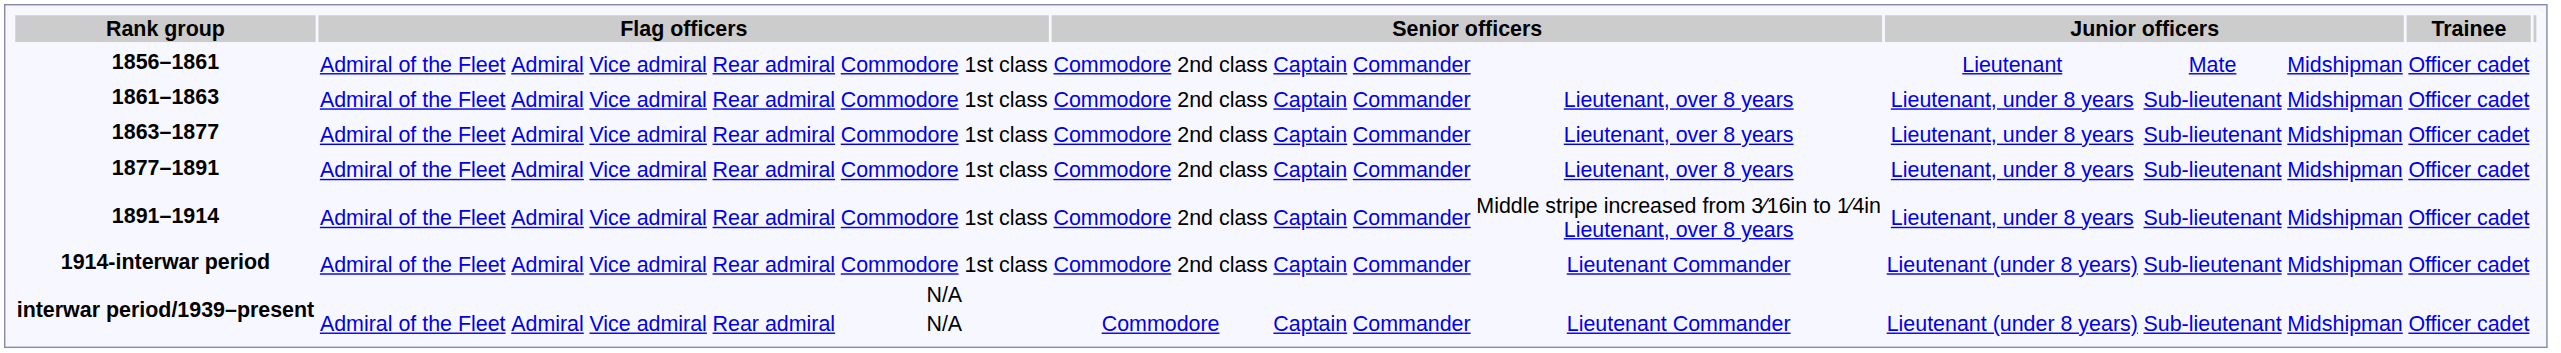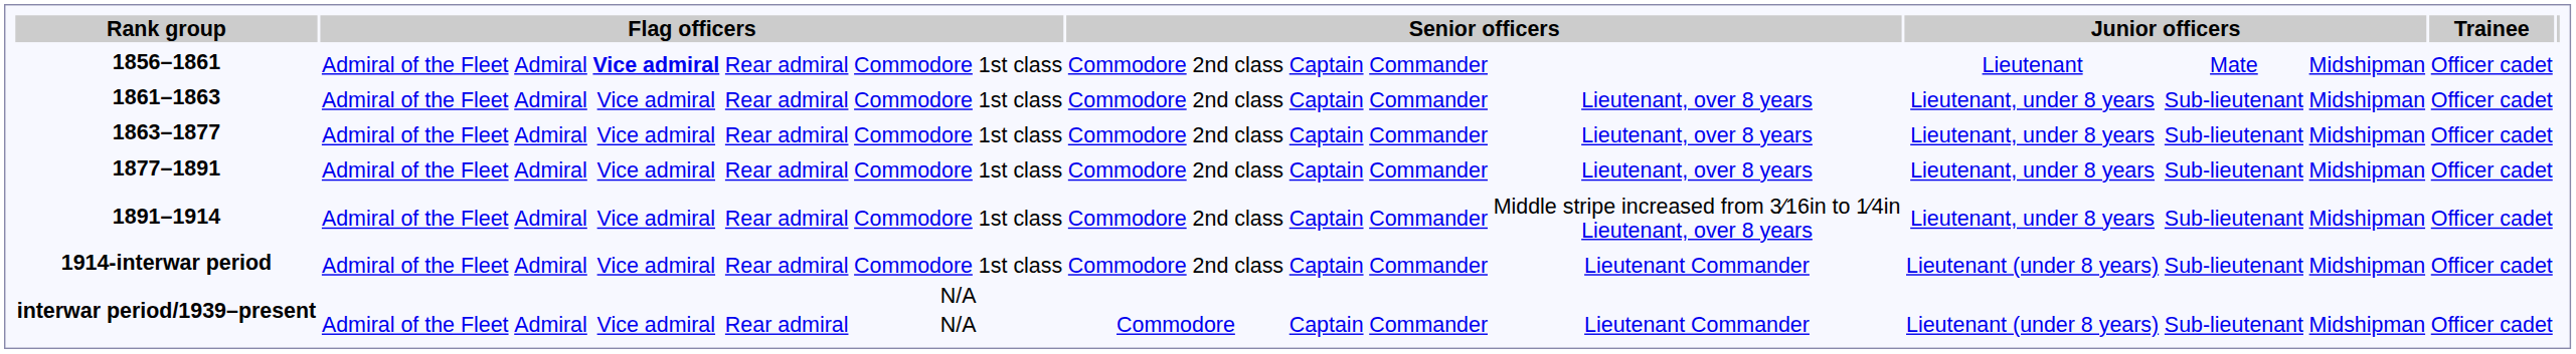 <table style="border:1px solid #8888aa; background-color:#f7f8ff; padding:5px; font-size:95%; margin: 0px 12px 12px 0px; text-align:center;">
 <tr style="background-color:#CCCCCC;">
 <th>Rank group</th>
 <th colspan=5>Flag officers</th>
 <th colspan=4>Senior officers</th>
 <th colspan=3>Junior officers</th>
 <th colspan=1>Trainee</th>
 <th></th>
 </tr>
 <tr>
 <td rowspan=2><strong>1856–1861</strong></td>
 <td></td>
 <td></td>
 <td></td>
 <td></td>
 <td></td>
 <td></td>
 <td></td>
 <td></td>
 <td></td>
 <td></td>
 <td></td>
 <td></td>
 <td></td>
 <td></td>
 </tr>
 <tr>
 <td><a href='#'>Admiral of the Fleet</a></td>
 <td><a href='#'>Admiral</a></td>
-<td><a href='#'>Vice admiral</a></td>
+<td><strong><a href='#'>Vice admiral</a></strong></td>
 <td><a href='#'>Rear admiral</a></td>
 <td><a href='#'>Commodore</a> 1st class</td>
 <td><a href='#'>Commodore</a> 2nd class</td>
 <td><a href='#'>Captain</a></td>
 <td><a href='#'>Commander</a></td>
 <td></td>
 <td><a href='#'>Lieutenant</a></td>
 <td><a href='#'>Mate</a></td>
 <td><a href='#'>Midshipman</a></td>
 <td><a href='#'>Officer cadet</a></td>
 </tr>
 <tr>
 <td rowspan=2><strong>1861–1863</strong></td>
 <td></td>
 <td></td>
 <td></td>
 <td></td>
 <td></td>
 <td></td>
 <td></td>
 <td></td>
 <td></td>
 <td></td>
 <td></td>
 <td></td>
 <td></td>
 </tr>
 <tr>
 <td><a href='#'>Admiral of the Fleet</a></td>
 <td><a href='#'>Admiral</a></td>
 <td><a href='#'>Vice admiral</a></td>
 <td><a href='#'>Rear admiral</a></td>
 <td><a href='#'>Commodore</a> 1st class</td>
 <td><a href='#'>Commodore</a> 2nd class</td>
 <td><a href='#'>Captain</a></td>
 <td><a href='#'>Commander</a></td>
 <td><a href='#'>Lieutenant, over 8 years</a></td>
 <td><a href='#'>Lieutenant, under 8 years</a></td>
 <td><a href='#'>Sub-lieutenant</a></td>
 <td><a href='#'>Midshipman</a></td>
 <td><a href='#'>Officer cadet</a></td>
 </tr>
 <tr>
 <td rowspan=2><strong>1863–1877</strong></td>
 <td></td>
 <td></td>
 <td></td>
 <td></td>
 <td></td>
 <td></td>
 <td></td>
 <td></td>
 <td></td>
 <td></td>
 <td></td>
 <td></td>
 <td></td>
 <td></td>
 </tr>
 <tr>
 <td><a href='#'>Admiral of the Fleet</a></td>
 <td><a href='#'>Admiral</a></td>
 <td><a href='#'>Vice admiral</a></td>
 <td><a href='#'>Rear admiral</a></td>
 <td><a href='#'>Commodore</a> 1st class</td>
 <td><a href='#'>Commodore</a> 2nd class</td>
 <td><a href='#'>Captain</a></td>
 <td><a href='#'>Commander</a></td>
 <td><a href='#'>Lieutenant, over 8 years</a></td>
 <td><a href='#'>Lieutenant, under 8 years</a></td>
 <td><a href='#'>Sub-lieutenant</a></td>
 <td><a href='#'>Midshipman</a></td>
 <td><a href='#'>Officer cadet</a></td>
 </tr>
 <tr>
 <td rowspan=2><strong>1877–1891</strong></td>
 <td></td>
 <td></td>
 <td></td>
 <td></td>
 <td></td>
 <td></td>
 <td></td>
 <td></td>
 <td></td>
 <td></td>
 <td></td>
 <td></td>
 <td></td>
 <td></td>
 </tr>
 <tr>
 <td><a href='#'>Admiral of the Fleet</a></td>
 <td><a href='#'>Admiral</a></td>
 <td><a href='#'>Vice admiral</a></td>
 <td><a href='#'>Rear admiral</a></td>
 <td><a href='#'>Commodore</a> 1st class</td>
 <td><a href='#'>Commodore</a> 2nd class</td>
 <td><a href='#'>Captain</a></td>
 <td><a href='#'>Commander</a></td>
 <td><a href='#'>Lieutenant, over 8 years</a></td>
 <td><a href='#'>Lieutenant, under 8 years</a></td>
 <td><a href='#'>Sub-lieutenant</a></td>
 <td><a href='#'>Midshipman</a></td>
 <td><a href='#'>Officer cadet</a></td>
 </tr>
 <tr>
 <td rowspan=2><strong>1891–1914</strong></td>
 <td></td>
 <td></td>
 <td></td>
 <td></td>
 <td></td>
 <td></td>
 <td></td>
 <td></td>
 <td></td>
 <td></td>
 <td></td>
 <td></td>
 <td></td>
 </tr>
 <tr>
 <td><a href='#'>Admiral of the Fleet</a></td>
 <td><a href='#'>Admiral</a></td>
 <td><a href='#'>Vice admiral</a></td>
 <td><a href='#'>Rear admiral</a></td>
 <td><a href='#'>Commodore</a> 1st class</td>
 <td><a href='#'>Commodore</a> 2nd class</td>
 <td><a href='#'>Captain</a></td>
 <td><a href='#'>Commander</a></td>
 <td>Middle stripe increased from 3⁄16in to 1⁄4in<br><a href='#'>Lieutenant, over 8 years</a></td>
 <td><a href='#'>Lieutenant, under 8 years</a></td>
 <td><a href='#'>Sub-lieutenant</a></td>
 <td><a href='#'>Midshipman</a></td>
 <td><a href='#'>Officer cadet</a></td>
 <td></td>
 </tr>
 <tr>
 <td rowspan=2><strong>1914-interwar period</strong></td>
 <td></td>
 <td></td>
 <td></td>
 <td></td>
 <td></td>
 <td></td>
 <td></td>
 <td></td>
 <td></td>
 <td></td>
 <td></td>
 <td></td>
 <td></td>
 <td></td>
 </tr>
 <tr>
 <td><a href='#'>Admiral of the Fleet</a></td>
 <td><a href='#'>Admiral</a></td>
 <td><a href='#'>Vice admiral</a></td>
 <td><a href='#'>Rear admiral</a></td>
 <td><a href='#'>Commodore</a> 1st class</td>
 <td><a href='#'>Commodore</a> 2nd class</td>
 <td><a href='#'>Captain</a></td>
 <td><a href='#'>Commander</a></td>
 <td><a href='#'>Lieutenant Commander</a></td>
 <td><a href='#'>Lieutenant (under 8 years)</a></td>
 <td><a href='#'>Sub-lieutenant</a></td>
 <td><a href='#'>Midshipman</a></td>
 <td><a href='#'>Officer cadet</a></td>
 </tr>
 <tr>
 <td rowspan=2><strong>interwar period/1939–present</strong></td>
 <td></td>
 <td></td>
 <td></td>
 <td></td>
 <td>N/A</td>
 <td></td>
 <td></td>
 <td></td>
 <td></td>
 <td></td>
 <td></td>
 <td></td>
 <td></td>
 <td></td>
 </tr>
 <tr>
 <td><a href='#'>Admiral of the Fleet</a></td>
 <td><a href='#'>Admiral</a></td>
 <td><a href='#'>Vice admiral</a></td>
 <td><a href='#'>Rear admiral</a></td>
 <td>N/A</td>
 <td><a href='#'>Commodore</a></td>
 <td><a href='#'>Captain</a></td>
 <td><a href='#'>Commander</a></td>
 <td><a href='#'>Lieutenant Commander</a></td>
 <td><a href='#'>Lieutenant (under 8 years)</a></td>
 <td><a href='#'>Sub-lieutenant</a></td>
 <td><a href='#'>Midshipman</a></td>
 <td><a href='#'>Officer cadet</a></td>
 <td></td>
 </tr>
 </table>
